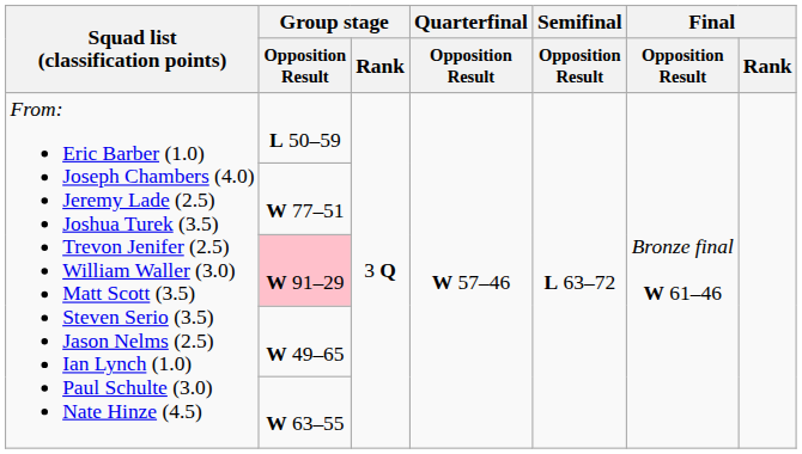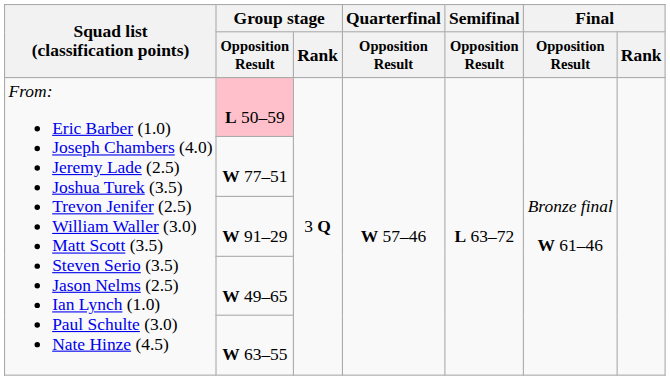 <table class=wikitable>
 <tr>
 <th rowspan="2">Squad list<br>(classification points)</th>
 <th colspan="2">Group stage</th>
 <th>Quarterfinal</th>
 <th>Semifinal</th>
 <th colspan="2">Final</th>
 </tr>
 <tr>
 <th style="line-height:1em"><small>Opposition<br>Result</small></th>
 <th>Rank</th>
 <th style="line-height:1em"><small>Opposition<br>Result</small></th>
 <th style="line-height:1em"><small>Opposition<br>Result</small></th>
 <th style="line-height:1em"><small>Opposition<br>Result</small></th>
 <th>Rank</th>
 </tr>
 <tr>
 <td rowspan="5"><em>From:</em><br><ul><li><a href='#'>Eric Barber</a> (1.0)</li><li><a href='#'>Joseph Chambers</a> (4.0)</li><li><a href='#'>Jeremy Lade</a> (2.5)</li><li><a href='#'>Joshua Turek</a> (3.5)</li><li><a href='#'>Trevon Jenifer</a> (2.5)</li><li><a href='#'>William Waller</a> (3.0)</li><li><a href='#'>Matt Scott</a> (3.5)</li><li><a href='#'>Steven Serio</a> (3.5)</li><li><a href='#'>Jason Nelms</a> (2.5)</li><li><a href='#'>Ian Lynch</a> (1.0)</li><li><a href='#'>Paul Schulte</a> (3.0)</li><li><a href='#'>Nate Hinze</a> (4.5)</li></ul></td>
-<td align="center"><br><strong>L</strong> 50–59</td>
+<td align="center" style="background: pink;"><br><strong>L</strong> 50–59</td>
 <td align="center" rowspan="5">3 <strong>Q</strong></td>
 <td align="center" rowspan="5"><br><strong>W</strong> 57–46</td>
 <td align="center" rowspan="5"><br><strong>L</strong> 63–72</td>
 <td align="center" rowspan="5"><em>Bronze final</em><br><br><strong>W</strong> 61–46</td>
 <td align="center" rowspan="5"></td>
 </tr>
 <tr>
 <td align="center"><br><strong>W</strong> 77–51</td>
 </tr>
 <tr>
-<td align="center" style="background: pink;"><br><strong>W</strong> 91–29</td>
+<td align="center"><br><strong>W</strong> 91–29</td>
 </tr>
 <tr>
 <td align="center"><br><strong>W</strong> 49–65</td>
 </tr>
 <tr>
 <td align="center"><br><strong>W</strong> 63–55</td>
 </tr>
 </table>
